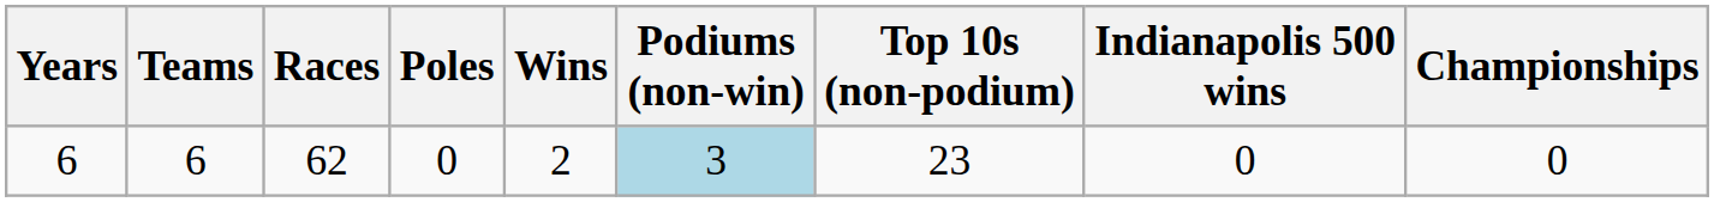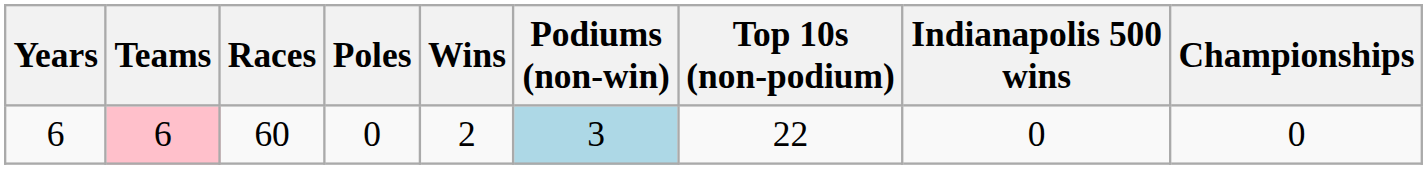 <table class="wikitable" style="text-align:center; font-size:95%">
 <tr>
 <th>Years</th>
 <th>Teams</th>
 <th>Races</th>
 <th>Poles</th>
 <th>Wins</th>
 <th>Podiums<br>(non-win)</th>
 <th>Top 10s<br>(non-podium)</th>
 <th>Indianapolis 500<br> wins</th>
 <th>Championships</th>
 </tr>
 <tr>
 <td>6</td>
-<td>6</td>
-<td>62</td>
+<td style="background: pink;">6</td>
+<td>60</td>
 <td>0</td>
 <td>2</td>
 <td style="background: lightblue;">3</td>
-<td>23</td>
+<td>22</td>
 <td>0</td>
 <td>0</td>
 </tr>
 </table>
